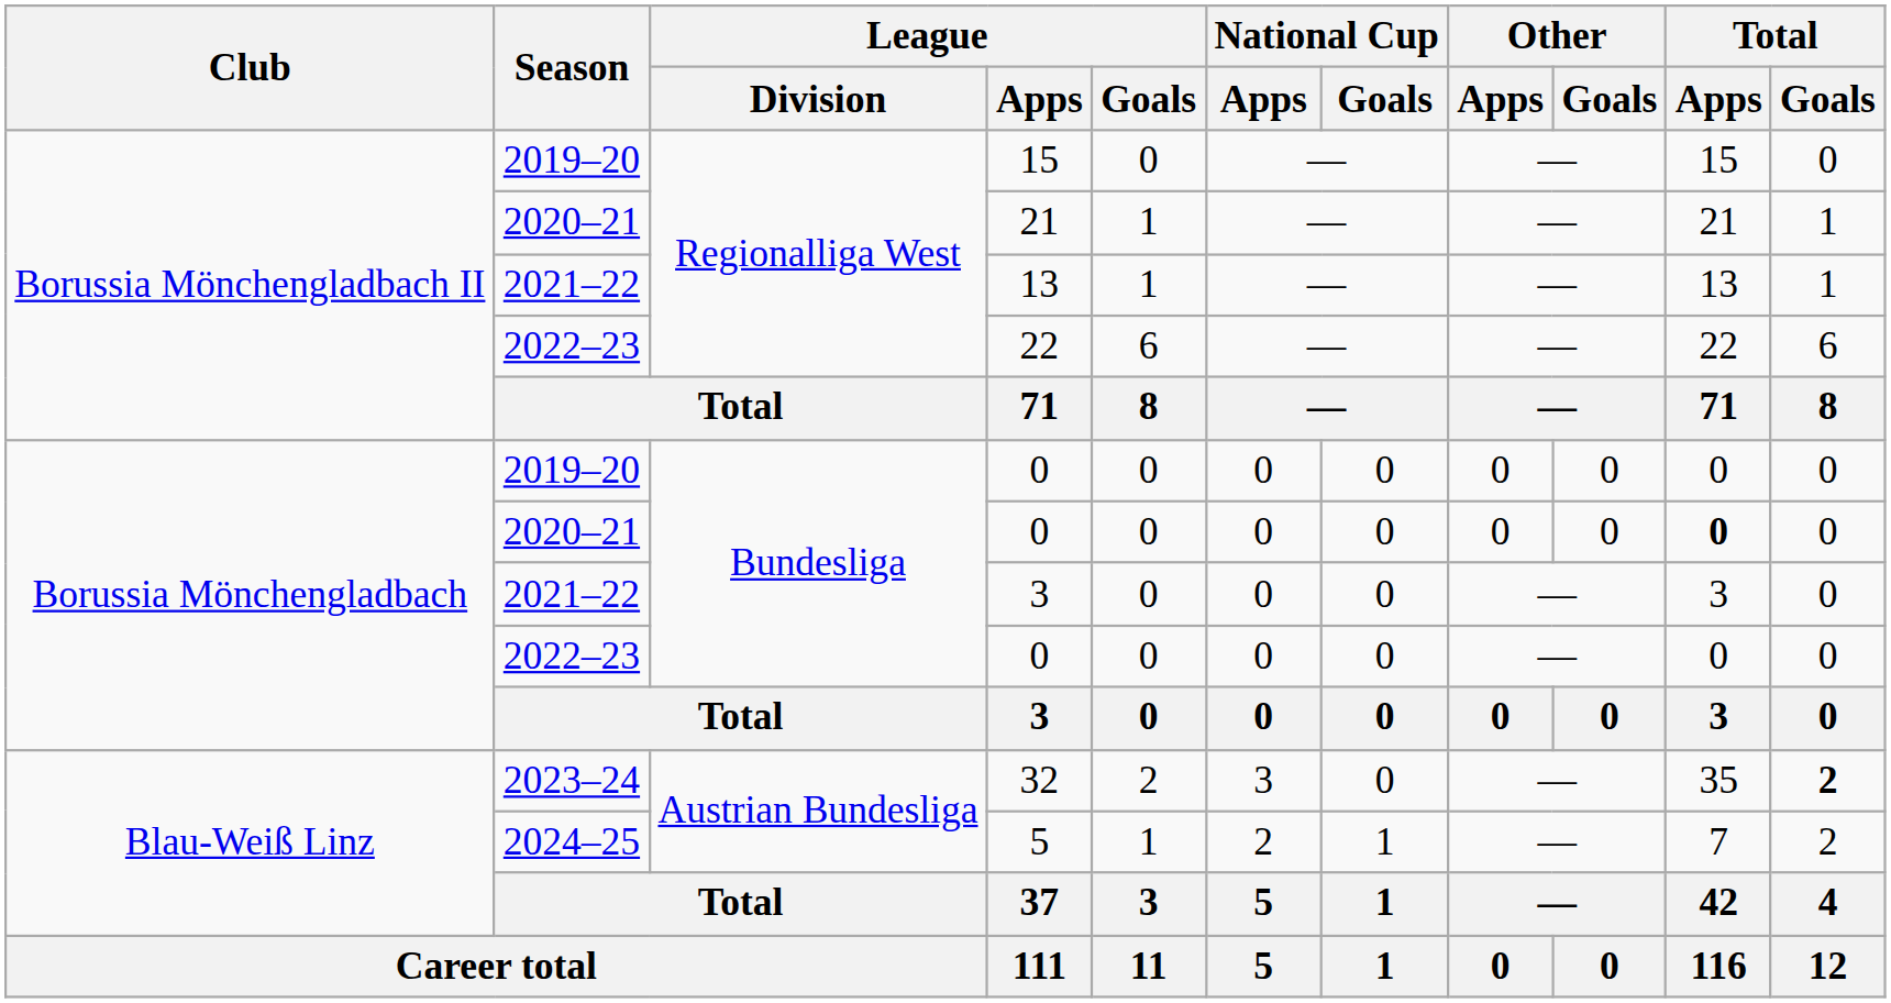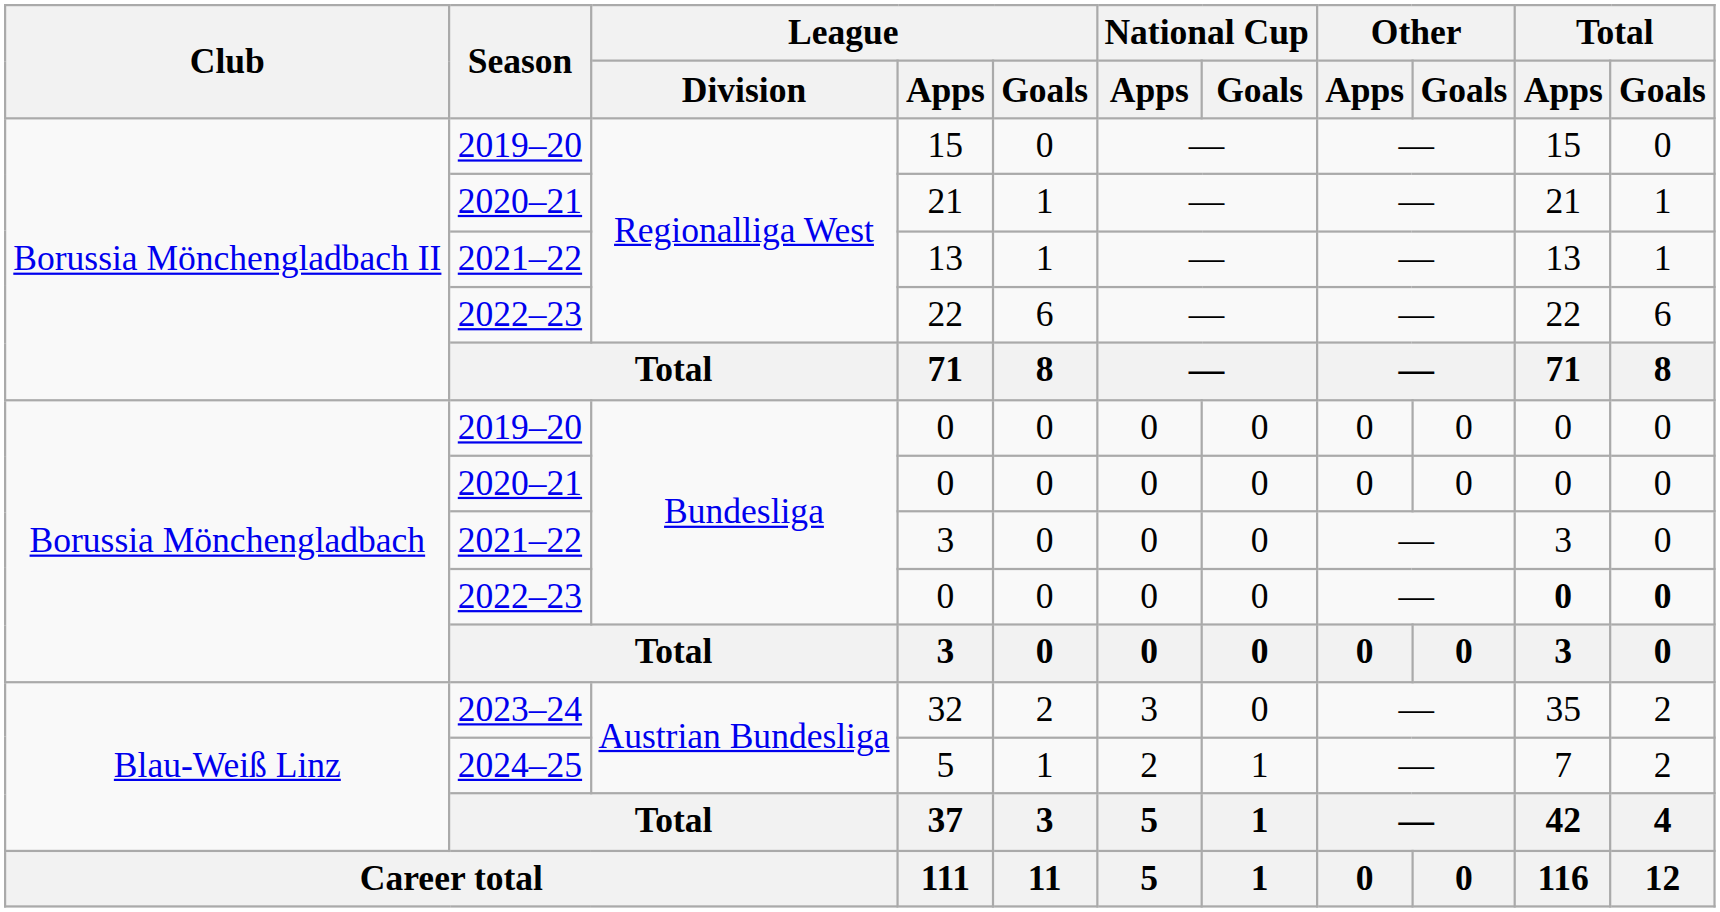 <table class="wikitable" style="text-align:center">
 <tr>
 <th rowspan=2>Club</th>
 <th rowspan=2>Season</th>
 <th colspan=3>League</th>
 <th colspan=2>National Cup</th>
 <th colspan=2>Other</th>
 <th colspan=2>Total</th>
 </tr>
 <tr>
 <th>Division</th>
 <th>Apps</th>
 <th>Goals</th>
 <th>Apps</th>
 <th>Goals</th>
 <th>Apps</th>
 <th>Goals</th>
 <th>Apps</th>
 <th>Goals</th>
 </tr>
 <tr>
 <td rowspan="5"><a href='#'>Borussia Mönchengladbach II</a></td>
 <td><a href='#'>2019–20</a></td>
 <td rowspan="4"><a href='#'>Regionalliga West</a></td>
 <td>15</td>
 <td>0</td>
 <td colspan="2">—</td>
 <td colspan="2">—</td>
 <td>15</td>
 <td>0</td>
 </tr>
 <tr>
 <td><a href='#'>2020–21</a></td>
 <td>21</td>
 <td>1</td>
 <td colspan="2">—</td>
 <td colspan="2">—</td>
 <td>21</td>
 <td>1</td>
 </tr>
 <tr>
 <td><a href='#'>2021–22</a></td>
 <td>13</td>
 <td>1</td>
 <td colspan="2">—</td>
 <td colspan="2">—</td>
 <td>13</td>
 <td>1</td>
 </tr>
 <tr>
 <td><a href='#'>2022–23</a></td>
 <td>22</td>
 <td>6</td>
 <td colspan="2">—</td>
 <td colspan="2">—</td>
 <td>22</td>
 <td>6</td>
 </tr>
 <tr>
 <th colspan="2">Total</th>
 <th>71</th>
 <th>8</th>
 <th colspan="2">—</th>
 <th colspan="2">—</th>
 <th>71</th>
 <th>8</th>
 </tr>
 <tr>
 <td rowspan="5"><a href='#'>Borussia Mönchengladbach</a></td>
 <td><a href='#'>2019–20</a></td>
 <td rowspan="4"><a href='#'>Bundesliga</a></td>
 <td>0</td>
 <td>0</td>
 <td>0</td>
 <td>0</td>
 <td>0</td>
 <td>0</td>
 <td>0</td>
 <td>0</td>
 </tr>
 <tr>
 <td><a href='#'>2020–21</a></td>
 <td>0</td>
 <td>0</td>
 <td>0</td>
 <td>0</td>
 <td>0</td>
 <td>0</td>
-<td><strong>0</strong></td>
+<td>0</td>
 <td>0</td>
 </tr>
 <tr>
 <td><a href='#'>2021–22</a></td>
 <td>3</td>
 <td>0</td>
 <td>0</td>
 <td>0</td>
 <td colspan="2">—</td>
 <td>3</td>
 <td>0</td>
 </tr>
 <tr>
 <td><a href='#'>2022–23</a></td>
 <td>0</td>
 <td>0</td>
 <td>0</td>
 <td>0</td>
 <td colspan="2">—</td>
-<td>0</td>
-<td>0</td>
+<td><strong>0</strong></td>
+<td><strong>0</strong></td>
 </tr>
 <tr>
 <th colspan="2">Total</th>
 <th>3</th>
 <th>0</th>
 <th>0</th>
 <th>0</th>
 <th>0</th>
 <th>0</th>
 <th>3</th>
 <th>0</th>
 </tr>
 <tr>
 <td rowspan="3"><a href='#'>Blau-Weiß Linz</a></td>
 <td><a href='#'>2023–24</a></td>
 <td rowspan="2"><a href='#'>Austrian Bundesliga</a></td>
 <td>32</td>
 <td>2</td>
 <td>3</td>
 <td>0</td>
 <td colspan="2">—</td>
 <td>35</td>
-<td><strong>2</strong></td>
+<td>2</td>
 </tr>
 <tr>
 <td><a href='#'>2024–25</a></td>
 <td>5</td>
 <td>1</td>
 <td>2</td>
 <td>1</td>
 <td colspan="2">—</td>
 <td>7</td>
 <td>2</td>
 </tr>
 <tr>
 <th colspan="2">Total</th>
 <th>37</th>
 <th>3</th>
 <th>5</th>
 <th>1</th>
 <th colspan="2">—</th>
 <th>42</th>
 <th>4</th>
 </tr>
 <tr>
 <th colspan=3>Career total</th>
 <th>111</th>
 <th>11</th>
 <th>5</th>
 <th>1</th>
 <th>0</th>
 <th>0</th>
 <th>116</th>
 <th>12</th>
 </tr>
 </table>
